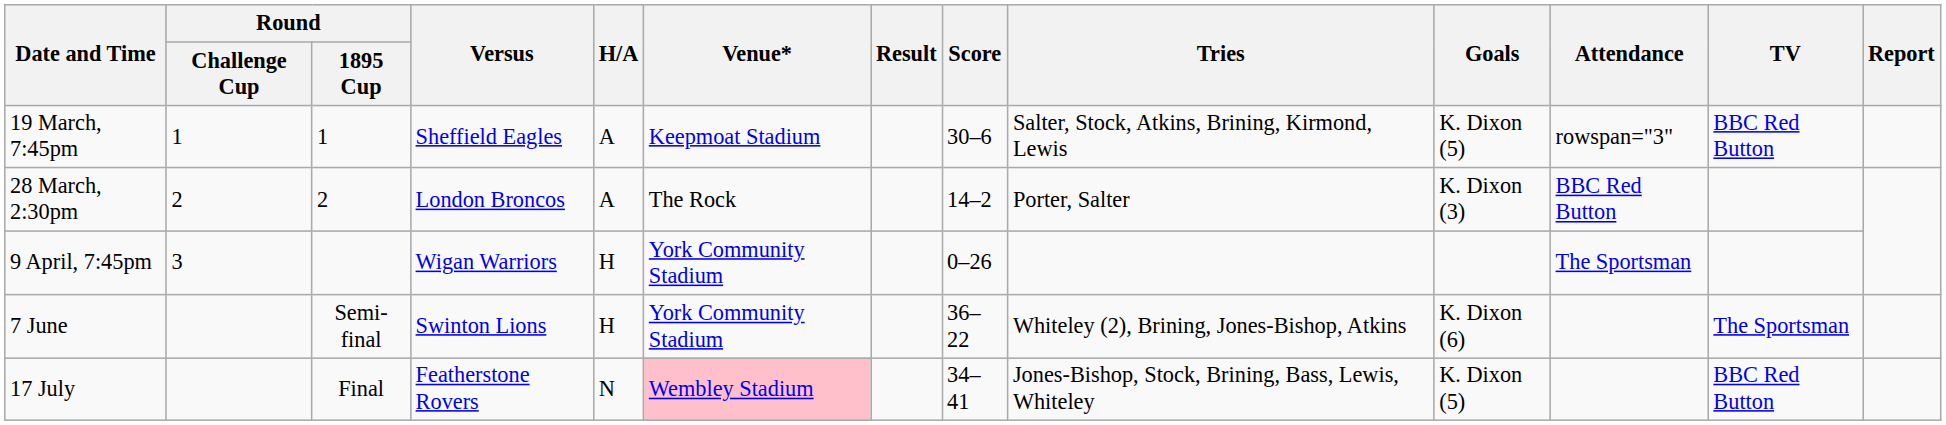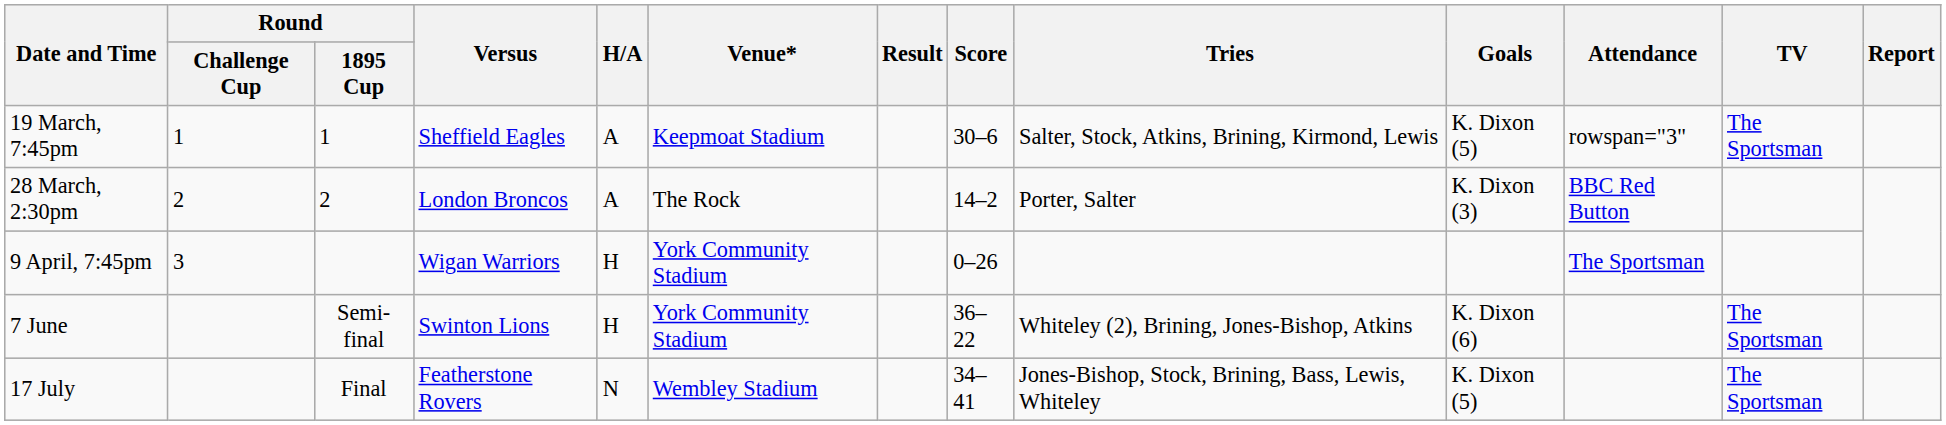 <table class="wikitable defaultleft col2center col3center col5center col8center" style="font-size:90%;">
 <tr>
 <th rowspan="2">Date and Time</th>
 <th colspan="2">Round</th>
 <th rowspan="2">Versus</th>
 <th rowspan="2">H/A</th>
 <th rowspan="2">Venue*</th>
 <th rowspan="2">Result</th>
 <th rowspan="2">Score</th>
 <th rowspan="2">Tries</th>
 <th rowspan="2">Goals</th>
 <th rowspan="2">Attendance</th>
 <th rowspan="2">TV</th>
 <th rowspan="2">Report</th>
 </tr>
 <tr>
 <th>Challenge Cup</th>
 <th>1895 Cup</th>
 </tr>
 <tr>
 <td>19 March, 7:45pm</td>
 <td>1</td>
 <td>1</td>
 <td> <a href='#'>Sheffield Eagles</a></td>
 <td>A</td>
 <td><a href='#'>Keepmoat Stadium</a></td>
 <td></td>
 <td>30–6</td>
 <td>Salter, Stock, Atkins, Brining, Kirmond, Lewis</td>
 <td>K. Dixon (5)</td>
 <td>rowspan="3"</td>
-<td><a href='#'>BBC Red Button</a></td>
+<td><a href='#'>The Sportsman</a></td>
 <td></td>
 </tr>
 <tr>
 <td>28 March, 2:30pm</td>
 <td>2</td>
 <td>2</td>
 <td> <a href='#'>London Broncos</a></td>
 <td>A</td>
 <td>The Rock</td>
 <td></td>
 <td>14–2</td>
 <td>Porter, Salter</td>
 <td>K. Dixon (3)</td>
 <td><a href='#'>BBC Red Button</a></td>
 <td></td>
 </tr>
 <tr>
 <td>9 April, 7:45pm</td>
 <td>3</td>
 <td></td>
 <td> <a href='#'>Wigan Warriors</a></td>
 <td>H</td>
 <td><a href='#'>York Community Stadium</a></td>
 <td></td>
 <td>0–26</td>
 <td></td>
 <td></td>
 <td><a href='#'>The Sportsman</a></td>
 <td></td>
 </tr>
 <tr>
 <td>7 June</td>
 <td></td>
 <td style="text-align:center">Semi-final</td>
 <td> <a href='#'>Swinton Lions</a></td>
 <td>H</td>
 <td><a href='#'>York Community Stadium</a></td>
 <td></td>
 <td>36–22</td>
 <td>Whiteley (2), Brining, Jones-Bishop, Atkins</td>
 <td>K. Dixon (6)</td>
 <td></td>
 <td><a href='#'>The Sportsman</a></td>
 <td></td>
 </tr>
 <tr>
 <td>17 July</td>
 <td></td>
 <td style="text-align:center">Final</td>
 <td> <a href='#'>Featherstone Rovers</a></td>
 <td>N</td>
-<td style="background: pink;"><a href='#'>Wembley Stadium</a></td>
+<td><a href='#'>Wembley Stadium</a></td>
 <td></td>
 <td>34–41</td>
 <td>Jones-Bishop, Stock, Brining, Bass, Lewis, Whiteley</td>
 <td>K. Dixon (5)</td>
 <td></td>
-<td><a href='#'>BBC Red Button</a></td>
+<td><a href='#'>The Sportsman</a></td>
 <td></td>
 </tr>
 </table>
